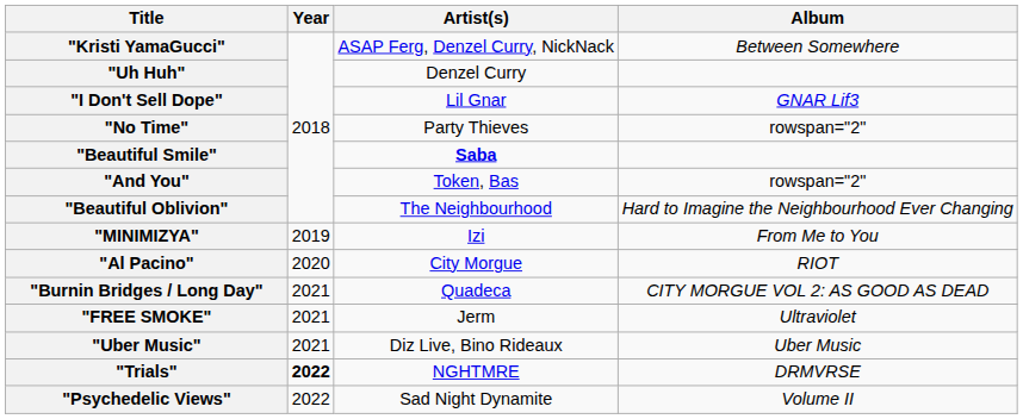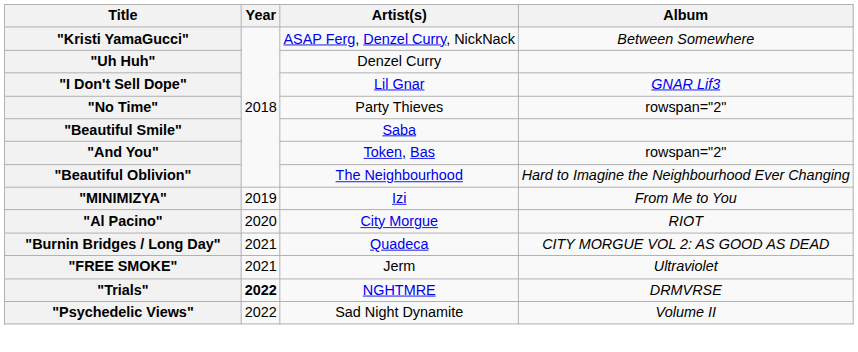 <table class="wikitable plainrowheaders" style="text-align:center;">
 <tr>
 <th scope="col" style="width:16em;">Title</th>
 <th scope="col">Year</th>
 <th scope="col">Artist(s)</th>
 <th scope="col">Album</th>
 </tr>
 <tr>
 <th scope="row">"Kristi YamaGucci"</th>
 <td rowspan="7">2018</td>
 <td><a href='#'>ASAP Ferg</a>, <a href='#'>Denzel Curry</a>, NickNack</td>
 <td><em>Between Somewhere</em></td>
 </tr>
 <tr>
 <th scope="row">"Uh Huh"</th>
 <td>Denzel Curry</td>
 </tr>
 <tr>
 <th scope="row">"I Don't Sell Dope"</th>
 <td><a href='#'>Lil Gnar</a></td>
 <td><em><a href='#'>GNAR Lif3</a></em></td>
 </tr>
 <tr>
 <th scope="row">"No Time"</th>
 <td>Party Thieves</td>
 <td>rowspan="2" </td>
 </tr>
 <tr>
 <th scope="row">"Beautiful Smile"</th>
-<td><strong><a href='#'>Saba</a></strong></td>
+<td><a href='#'>Saba</a></td>
 </tr>
 <tr>
 <th scope="row">"And You"</th>
 <td><a href='#'>Token</a>, <a href='#'>Bas</a></td>
 <td>rowspan="2" </td>
 </tr>
 <tr>
 <th scope="row">"Beautiful Oblivion"</th>
 <td><a href='#'>The Neighbourhood</a></td>
 <td><em>Hard to Imagine the Neighbourhood Ever Changing</em></td>
 </tr>
 <tr>
 <th scope="row">"MINIMIZYA"</th>
 <td>2019</td>
 <td><a href='#'>Izi</a></td>
 <td><em>From Me to You</em></td>
 </tr>
 <tr>
 <th scope="row">"Al Pacino"</th>
 <td>2020</td>
 <td><a href='#'>City Morgue</a></td>
 <td><em>RIOT</em></td>
 </tr>
 <tr>
 <th scope="row">"Burnin Bridges / Long Day"</th>
 <td>2021</td>
 <td><a href='#'>Quadeca</a></td>
 <td><em>CITY MORGUE VOL 2: AS GOOD AS DEAD</em></td>
 </tr>
 <tr>
 <th scope="row">"FREE SMOKE"</th>
 <td>2021</td>
 <td>Jerm</td>
 <td><em>Ultraviolet</em></td>
 </tr>
 <tr>
-<th scope="row">"Uber Music"</th>
-<td>2021</td>
-<td>Diz Live, Bino Rideaux</td>
-<td><em>Uber Music</em></td>
-</tr>
-<tr>
 <th scope="row">"Trials"</th>
 <td><strong>2022</strong></td>
 <td><a href='#'>NGHTMRE</a></td>
 <td><em>DRMVRSE</em></td>
 </tr>
 <tr>
 <th scope="row">"Psychedelic Views"</th>
 <td>2022</td>
 <td>Sad Night Dynamite</td>
 <td><em>Volume II</em></td>
 </tr>
 </table>
